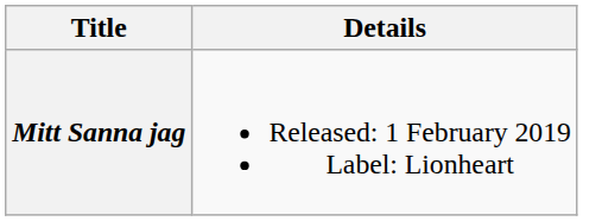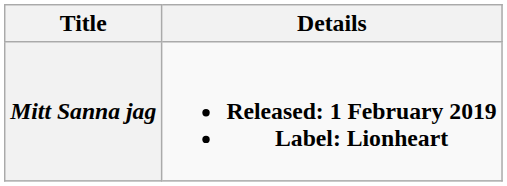 <table class="wikitable plainrowheaders" style="text-align:center;">
 <tr>
 <th scope="col">Title</th>
 <th scope="col">Details</th>
 </tr>
 <tr>
 <th scope="row"><em>Mitt Sanna jag</em></th>
-<td><br><ul><li>Released: 1 February 2019</li><li>Label: Lionheart</li></ul></td>
+<td><strong><br><ul><li>Released: 1 February 2019</li><li>Label: Lionheart</li></ul></strong></td>
 </tr>
 </table>
